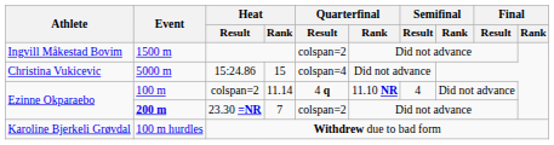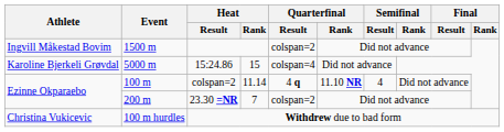 <table class="wikitable" style="font-size:90%">
 <tr>
 <th rowspan="2">Athlete</th>
 <th rowspan="2">Event</th>
 <th colspan="2">Heat</th>
 <th colspan="2">Quarterfinal</th>
 <th colspan="2">Semifinal</th>
 <th colspan="2">Final</th>
 </tr>
 <tr style="font-size:95%">
 <th>Result</th>
 <th>Rank</th>
 <th>Result</th>
 <th>Rank</th>
 <th>Result</th>
 <th>Rank</th>
 <th>Result</th>
 <th>Rank</th>
 </tr>
 <tr align=center>
 <td align=left><a href='#'>Ingvill Måkestad Bovim</a></td>
 <td align=left><a href='#'>1500 m</a></td>
 <td colspan=2></td>
 <td>colspan=2 </td>
 <td colspan=4>Did not advance</td>
 </tr>
 <tr align=center>
-<td align=left><a href='#'>Christina Vukicevic</a></td>
+<td align=left><a href='#'>Karoline Bjerkeli Grøvdal</a></td>
 <td align=left><a href='#'>5000 m</a></td>
 <td>15:24.86</td>
 <td>15</td>
 <td>colspan=4 </td>
 <td colspan=2>Did not advance</td>
 </tr>
 <tr align=center>
 <td rowspan=2 align=left><a href='#'>Ezinne Okparaebo</a></td>
 <td align=left><a href='#'>100 m</a></td>
 <td>colspan=2 </td>
 <td>11.14</td>
 <td>4 <strong>q</strong></td>
 <td>11.10 <strong><a href='#'>NR</a></strong></td>
 <td>4</td>
 <td colspan=2>Did not advance</td>
 </tr>
 <tr align=center>
-<td align=left><strong><a href='#'>200 m</a></strong></td>
+<td align=left><a href='#'>200 m</a></td>
 <td>23.30 <strong><a href='#'>=NR</a></strong></td>
 <td>7</td>
 <td>colspan=2 </td>
 <td colspan=4>Did not advance</td>
 </tr>
 <tr align=center>
-<td align=left><a href='#'>Karoline Bjerkeli Grøvdal</a></td>
+<td align=left><a href='#'>Christina Vukicevic</a></td>
 <td align=left><a href='#'>100 m hurdles</a></td>
 <td colspan=8><strong>Withdrew</strong> due to bad form</td>
 </tr>
 </table>
